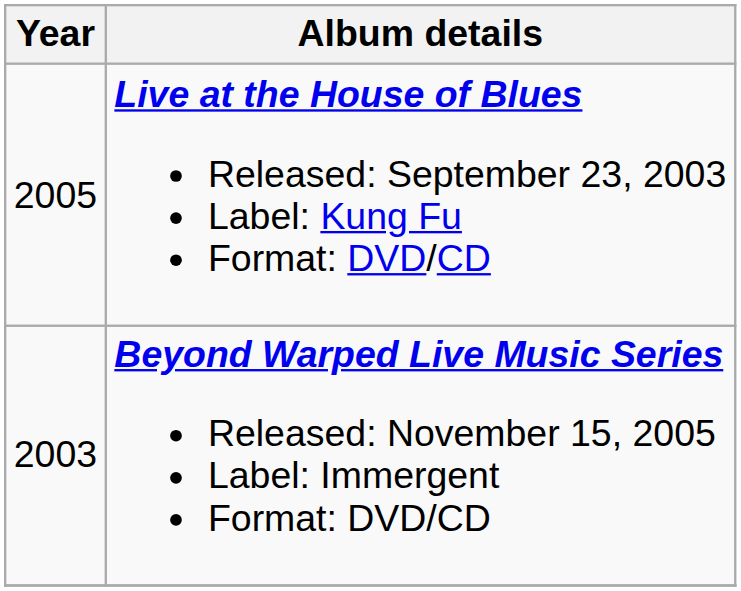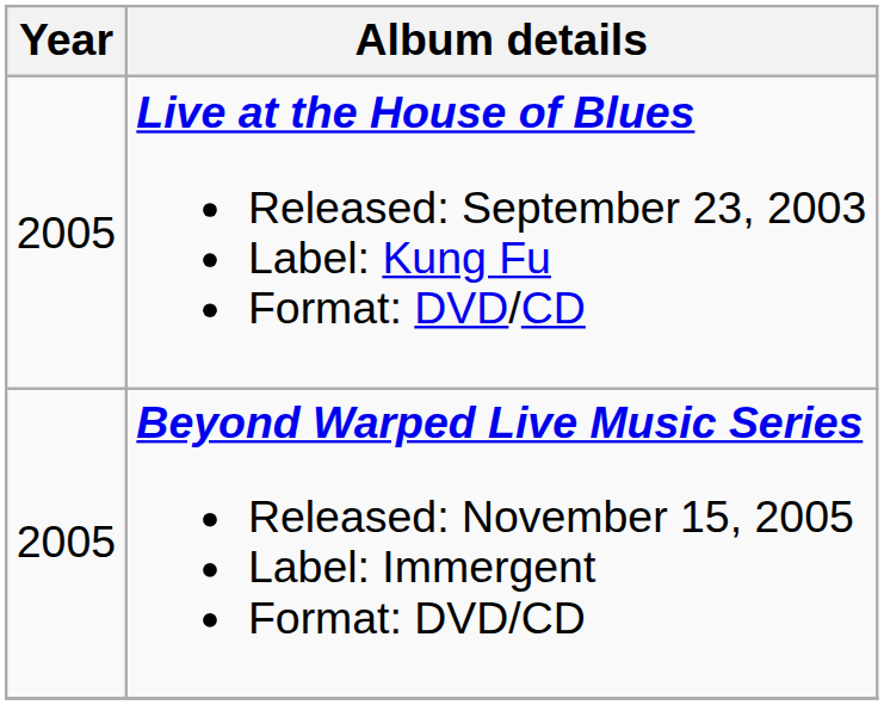 <table class ="wikitable">
 <tr>
 <th>Year</th>
 <th>Album details</th>
 </tr>
 <tr>
 <td>2005</td>
 <td><strong><em><a href='#'>Live at the House of Blues</a></em></strong><br><ul><li>Released: September 23, 2003</li><li>Label: <a href='#'>Kung Fu</a></li><li>Format: <a href='#'>DVD</a>/<a href='#'>CD</a></li></ul></td>
 </tr>
 <tr>
-<td>2003</td>
+<td>2005</td>
 <td><strong><em><a href='#'>Beyond Warped Live Music Series</a></em></strong><br><ul><li>Released: November 15, 2005</li><li>Label: Immergent</li><li>Format: DVD/CD</li></ul></td>
 </tr>
 <tr>
 </tr>
 </table>
